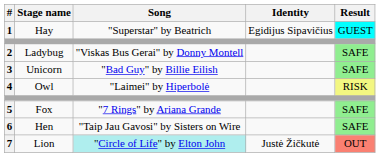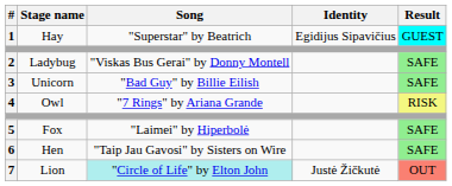 <table class="wikitable plainrowheaders" style="text-align: center;">
 <tr>
 <th>#</th>
 <th>Stage name</th>
 <th>Song</th>
 <th>Identity</th>
 <th>Result</th>
 </tr>
 <tr>
 <th>1</th>
 <td>Hay</td>
 <td>"Superstar" by Beatrich</td>
 <td>Egidijus Sipavičius</td>
 <td bgcolor=#00ffff>GUEST</td>
 </tr>
 <tr>
 <td colspan="5" style="background:darkgray"></td>
 </tr>
 <tr>
 <th>2</th>
 <td>Ladybug</td>
 <td>"Viskas Bus Gerai" by <a href='#'>Donny Montell</a></td>
 <td></td>
 <td bgcolor="lightgreen">SAFE</td>
 </tr>
 <tr>
 <th>3</th>
 <td>Unicorn</td>
 <td>"<a href='#'>Bad Guy</a>" by <a href='#'>Billie Eilish</a></td>
 <td></td>
 <td bgcolor="lightgreen">SAFE</td>
 </tr>
 <tr>
 <th>4</th>
 <td>Owl</td>
-<td>"Laimei" by <a href='#'>Hiperbolė</a></td>
+<td>"<a href='#'>7 Rings</a>" by <a href='#'>Ariana Grande</a></td>
 <td></td>
 <td bgcolor="#F3F781">RISK</td>
 </tr>
 <tr>
 <td colspan="5" style="background:darkgray"></td>
 </tr>
 <tr>
 <th>5</th>
 <td>Fox</td>
-<td>"<a href='#'>7 Rings</a>" by <a href='#'>Ariana Grande</a></td>
+<td>"Laimei" by <a href='#'>Hiperbolė</a></td>
 <td></td>
 <td bgcolor="lightgreen">SAFE</td>
 </tr>
 <tr>
 <th>6</th>
 <td>Hen</td>
 <td>"Taip Jau Gavosi" by Sisters on Wire</td>
 <td></td>
 <td bgcolor="lightgreen">SAFE</td>
 </tr>
 <tr>
 <th>7</th>
 <td>Lion</td>
 <td style="background: paleturquoise;">"<a href='#'>Circle of Life</a>" by <a href='#'>Elton John</a></td>
 <td>Justė Žičkutė</td>
 <td bgcolor=salmon>OUT</td>
 </tr>
 </table>
